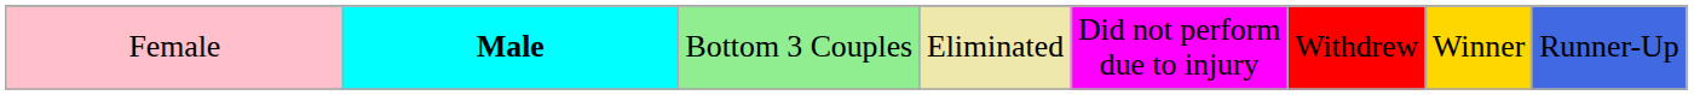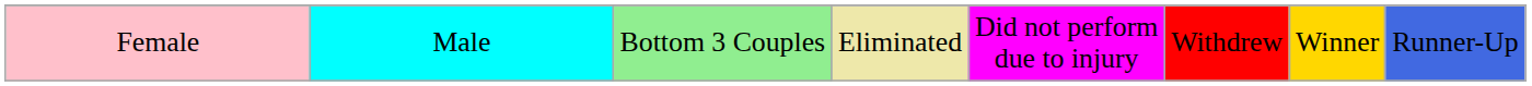 <table class="wikitable" style="margin:1em auto; text-align:center;">
 <tr>
 </tr>
 <tr>
 <td style="background:pink;" width="20%">Female</td>
-<td style="background:cyan;" width="20%"><strong>Male</strong></td>
+<td style="background:cyan;" width="20%">Male</td>
 <td style="background:lightgreen;">Bottom 3 Couples</td>
 <td style="background:palegoldenrod;">Eliminated</td>
 <td style="background:fuchsia;" align="center">Did not perform<br>due to injury</td>
 <td style="background:red;">Withdrew</td>
 <td style="background:gold;">Winner</td>
 <td style="background:royalblue;">Runner-Up</td>
 </tr>
 </table>
